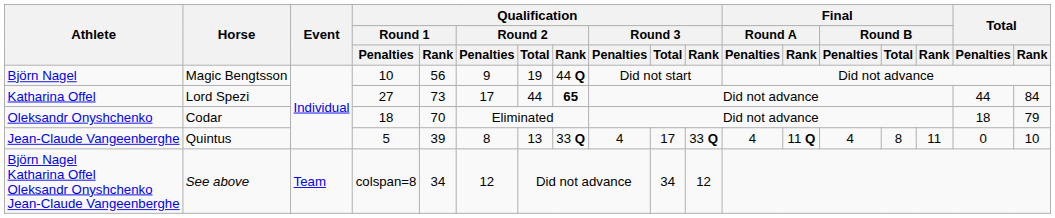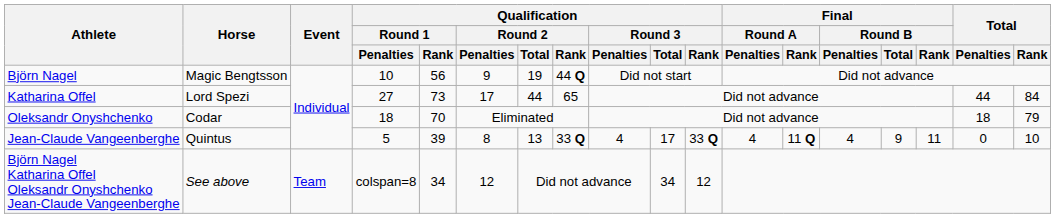 <table class="wikitable" style="font-size:90%">
 <tr>
 <th rowspan="3">Athlete</th>
 <th rowspan="3">Horse</th>
 <th rowspan="3">Event</th>
 <th colspan="8">Qualification</th>
 <th colspan="5">Final</th>
 <th rowspan=2 colspan="2">Total</th>
 </tr>
 <tr style="font-size:95%">
 <th colspan="2">Round 1</th>
 <th colspan="3">Round 2</th>
 <th colspan="3">Round 3</th>
 <th colspan="2">Round A</th>
 <th colspan="3">Round B</th>
 </tr>
 <tr style="font-size:95%">
 <th>Penalties</th>
 <th>Rank</th>
 <th>Penalties</th>
 <th>Total</th>
 <th>Rank</th>
 <th>Penalties</th>
 <th>Total</th>
 <th>Rank</th>
 <th>Penalties</th>
 <th>Rank</th>
 <th>Penalties</th>
 <th>Total</th>
 <th>Rank</th>
 <th>Penalties</th>
 <th>Rank</th>
 </tr>
 <tr align=center>
 <td align=left><a href='#'>Björn Nagel</a></td>
 <td align=left>Magic Bengtsson</td>
 <td align=left rowspan=4><a href='#'>Individual</a></td>
 <td>10</td>
 <td>56</td>
 <td>9</td>
 <td>19</td>
 <td>44 <strong>Q</strong></td>
 <td colspan=3>Did not start</td>
 <td colspan=7>Did not advance</td>
 </tr>
 <tr align=center>
 <td align=left><a href='#'>Katharina Offel</a></td>
 <td align=left>Lord Spezi</td>
 <td>27</td>
 <td>73</td>
 <td>17</td>
 <td>44</td>
-<td><strong>65</strong></td>
+<td>65</td>
 <td colspan=8>Did not advance</td>
 <td>44</td>
 <td>84</td>
 </tr>
 <tr align=center>
 <td align=left><a href='#'>Oleksandr Onyshchenko</a></td>
 <td align=left>Codar</td>
 <td>18</td>
 <td>70</td>
 <td colspan=3>Eliminated</td>
 <td colspan=8>Did not advance</td>
 <td>18</td>
 <td>79</td>
 </tr>
 <tr align=center>
 <td align=left><a href='#'>Jean-Claude Vangeenberghe</a></td>
 <td align=left>Quintus</td>
 <td>5</td>
 <td>39</td>
 <td>8</td>
 <td>13</td>
 <td>33 <strong>Q</strong></td>
 <td>4</td>
 <td>17</td>
 <td>33 <strong>Q</strong></td>
 <td>4</td>
 <td>11 <strong>Q</strong></td>
 <td>4</td>
-<td>8</td>
+<td>9</td>
 <td>11</td>
 <td>0</td>
 <td>10</td>
 </tr>
 <tr align=center>
 <td align=left><a href='#'>Björn Nagel</a><br><a href='#'>Katharina Offel</a><br><a href='#'>Oleksandr Onyshchenko</a><br><a href='#'>Jean-Claude Vangeenberghe</a></td>
 <td align=left><em>See above</em></td>
 <td align=left><a href='#'>Team</a></td>
 <td>colspan=8 </td>
 <td>34</td>
 <td>12</td>
 <td colspan=3>Did not advance</td>
 <td>34</td>
 <td>12</td>
 </tr>
 </table>
